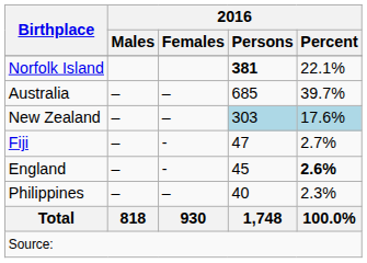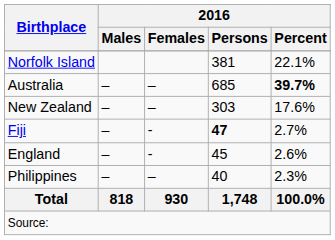 <table class="sort wikitable" style="font-size: 98%">
 <tr>
 <th rowspan=2><a href='#'>Birthplace</a></th>
 <th colspan=5>2016</th>
 </tr>
 <tr>
 <th colspan="1">Males</th>
 <th>Females</th>
 <th>Persons</th>
 <th>Percent</th>
 </tr>
 <tr align=right>
 </tr>
 <tr>
 <td style="text-align:center;"><a href='#'>Norfolk Island</a></td>
 <td></td>
 <td></td>
-<td><strong>381</strong></td>
+<td>381</td>
 <td>22.1%</td>
 </tr>
 <tr>
 <td align=left>Australia</td>
 <td>–</td>
 <td>–</td>
 <td>685</td>
-<td>39.7%</td>
+<td><strong>39.7%</strong></td>
 </tr>
 <tr>
 <td align=left>New Zealand</td>
 <td>–</td>
 <td>–</td>
-<td style="background: lightblue;">303</td>
-<td style="background: lightblue;">17.6%</td>
+<td>303</td>
+<td>17.6%</td>
 </tr>
 <tr>
 <td align=left><a href='#'>Fiji</a></td>
 <td>–</td>
 <td>-</td>
-<td>47</td>
+<td><strong>47</strong></td>
 <td>2.7%</td>
 </tr>
 <tr>
 <td align=left>England</td>
 <td>–</td>
 <td>-</td>
 <td>45</td>
-<td><strong>2.6%</strong></td>
+<td>2.6%</td>
 </tr>
 <tr>
 <td align=left>Philippines</td>
 <td>–</td>
 <td>–</td>
 <td>40</td>
 <td>2.3%</td>
 </tr>
 <tr>
 <th colspan="1">Total</th>
 <th>818</th>
 <th>930</th>
 <th>1,748</th>
 <th>100.0%</th>
 </tr>
 <tr>
 <td colspan="10" style="text-align:left;"><small>Source:</small></td>
 </tr>
 </table>
